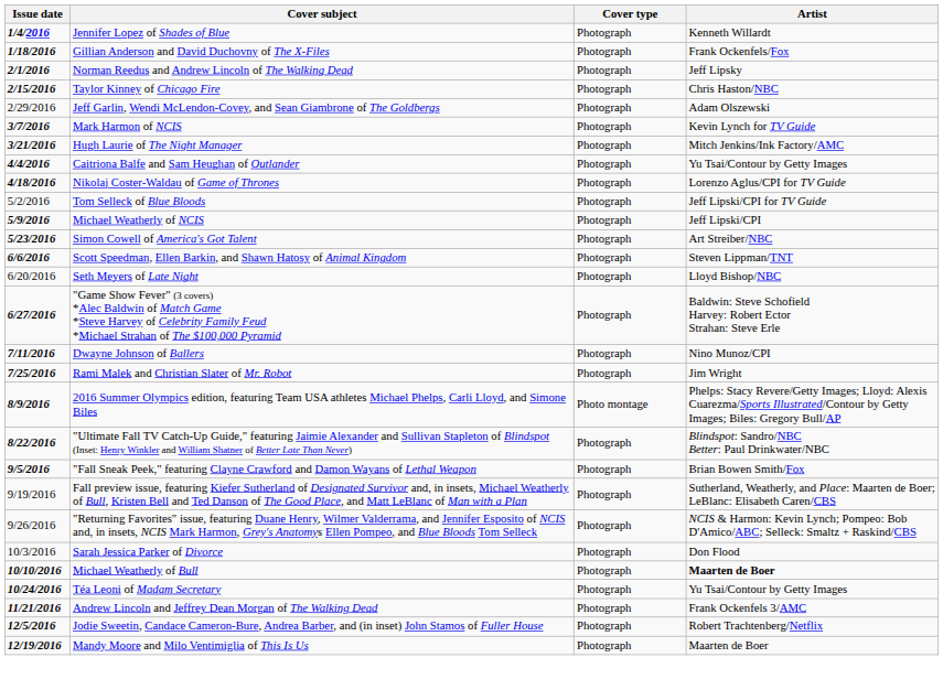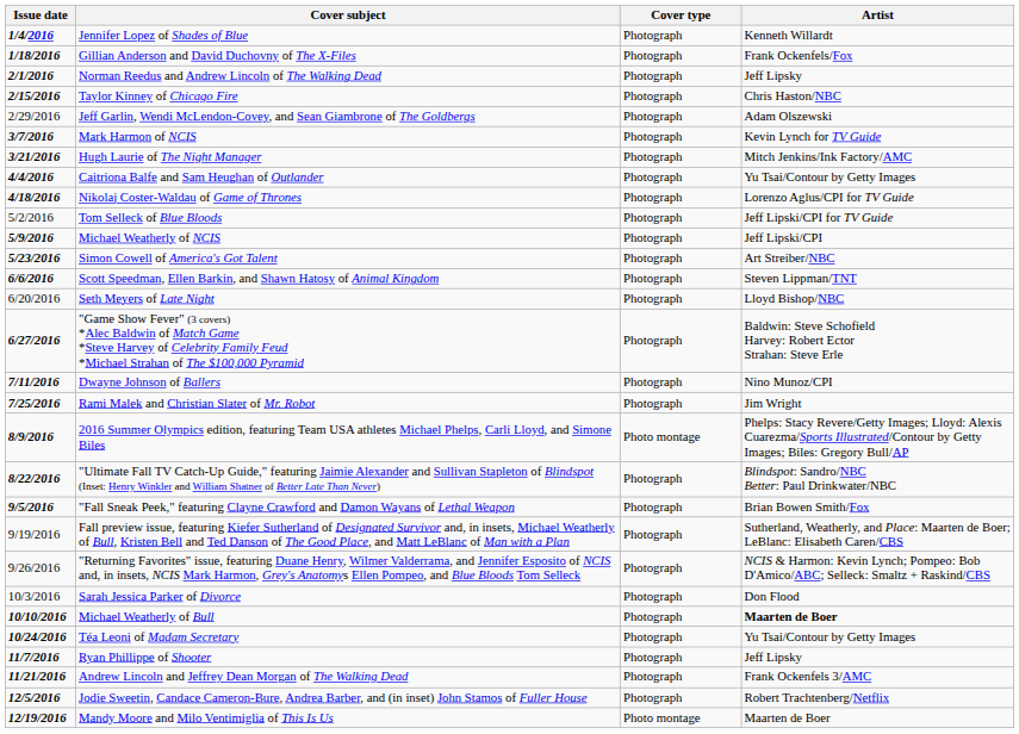 <table class="wikitable sortable" width=100% style="font-size:100%;">
 <tr>
 <th width=7%>Issue date</th>
 <th width=54%>Cover subject</th>
 <th width=12%>Cover type</th>
 <th width=27%>Artist</th>
 </tr>
 <tr>
 <td><strong><em>1/4/<a href='#'>2016</a></em></strong></td>
 <td><a href='#'>Jennifer Lopez</a> of <em><a href='#'>Shades of Blue</a></em></td>
 <td>Photograph</td>
 <td>Kenneth Willardt</td>
 </tr>
 <tr>
 <td><strong><em>1/18/2016</em></strong></td>
 <td><a href='#'>Gillian Anderson</a> and <a href='#'>David Duchovny</a> of <em><a href='#'>The X-Files</a></em></td>
 <td>Photograph</td>
 <td>Frank Ockenfels/<a href='#'>Fox</a></td>
 </tr>
 <tr>
 <td><strong><em>2/1/2016</em></strong></td>
 <td><a href='#'>Norman Reedus</a> and <a href='#'>Andrew Lincoln</a> of <em><a href='#'>The Walking Dead</a></em></td>
 <td>Photograph</td>
 <td>Jeff Lipsky</td>
 </tr>
 <tr>
 <td><strong><em>2/15/2016</em></strong></td>
 <td><a href='#'>Taylor Kinney</a> of <em><a href='#'>Chicago Fire</a></em></td>
 <td>Photograph</td>
 <td>Chris Haston/<a href='#'>NBC</a></td>
 </tr>
 <tr>
 <td>2/29/2016</td>
 <td><a href='#'>Jeff Garlin</a>, <a href='#'>Wendi McLendon-Covey</a>, and <a href='#'>Sean Giambrone</a> of <em><a href='#'>The Goldbergs</a></em></td>
 <td>Photograph</td>
 <td>Adam Olszewski</td>
 </tr>
 <tr>
 <td><strong><em>3/7/2016</em></strong></td>
 <td><a href='#'>Mark Harmon</a> of <em><a href='#'>NCIS</a></em></td>
 <td>Photograph</td>
 <td>Kevin Lynch for <em><a href='#'>TV Guide</a></em></td>
 </tr>
 <tr>
 <td><strong><em>3/21/2016</em></strong></td>
 <td><a href='#'>Hugh Laurie</a> of <em><a href='#'>The Night Manager</a></em></td>
 <td>Photograph</td>
 <td>Mitch Jenkins/Ink Factory/<a href='#'>AMC</a></td>
 </tr>
 <tr>
 <td><strong><em>4/4/2016</em></strong></td>
 <td><a href='#'>Caitriona Balfe</a> and <a href='#'>Sam Heughan</a> of <em><a href='#'>Outlander</a></em></td>
 <td>Photograph</td>
 <td>Yu Tsai/Contour by Getty Images</td>
 </tr>
 <tr>
 <td><strong><em>4/18/2016</em></strong></td>
 <td><a href='#'>Nikolaj Coster-Waldau</a> of <em><a href='#'>Game of Thrones</a></em></td>
 <td>Photograph</td>
 <td>Lorenzo Aglus/CPI for <em>TV Guide</em></td>
 </tr>
 <tr>
 <td>5/2/2016</td>
 <td><a href='#'>Tom Selleck</a> of <em><a href='#'>Blue Bloods</a></em></td>
 <td>Photograph</td>
 <td>Jeff Lipski/CPI for <em>TV Guide</em></td>
 </tr>
 <tr>
 <td><strong><em>5/9/2016</em></strong></td>
 <td><a href='#'>Michael Weatherly</a> of <em><a href='#'>NCIS</a></em></td>
 <td>Photograph</td>
 <td>Jeff Lipski/CPI</td>
 </tr>
 <tr>
 <td><strong><em>5/23/2016</em></strong></td>
 <td><a href='#'>Simon Cowell</a> of <em><a href='#'>America's Got Talent</a></em></td>
 <td>Photograph</td>
 <td>Art Streiber/<a href='#'>NBC</a></td>
 </tr>
 <tr>
 <td><strong><em>6/6/2016</em></strong></td>
 <td><a href='#'>Scott Speedman</a>, <a href='#'>Ellen Barkin</a>, and <a href='#'>Shawn Hatosy</a> of <em><a href='#'>Animal Kingdom</a></em></td>
 <td>Photograph</td>
 <td>Steven Lippman/<a href='#'>TNT</a></td>
 </tr>
 <tr>
 <td>6/20/2016</td>
 <td><a href='#'>Seth Meyers</a> of <em><a href='#'>Late Night</a></em></td>
 <td>Photograph</td>
 <td>Lloyd Bishop/<a href='#'>NBC</a></td>
 </tr>
 <tr>
 <td><strong><em>6/27/2016</em></strong></td>
 <td>"Game Show Fever" <small>(3 covers)</small><br>*<a href='#'>Alec Baldwin</a> of <em><a href='#'>Match Game</a></em><br>*<a href='#'>Steve Harvey</a> of <em><a href='#'>Celebrity Family Feud</a></em><br>*<a href='#'>Michael Strahan</a> of <em><a href='#'>The $100,000 Pyramid</a></em><br></td>
 <td>Photograph</td>
 <td>Baldwin: Steve Schofield<br>Harvey: Robert Ector<br>Strahan: Steve Erle</td>
 </tr>
 <tr>
 <td><strong><em>7/11/2016</em></strong></td>
 <td><a href='#'>Dwayne Johnson</a> of <em><a href='#'>Ballers</a></em></td>
 <td>Photograph</td>
 <td>Nino Munoz/CPI</td>
 </tr>
 <tr>
 <td><strong><em>7/25/2016</em></strong></td>
 <td><a href='#'>Rami Malek</a> and <a href='#'>Christian Slater</a> of <em><a href='#'>Mr. Robot</a></em></td>
 <td>Photograph</td>
 <td>Jim Wright</td>
 </tr>
 <tr>
 <td><strong><em>8/9/2016</em></strong></td>
 <td><a href='#'>2016 Summer Olympics</a> edition, featuring Team USA athletes <a href='#'>Michael Phelps</a>, <a href='#'>Carli Lloyd</a>, and <a href='#'>Simone Biles</a></td>
 <td>Photo montage</td>
 <td>Phelps: Stacy Revere/Getty Images; Lloyd: Alexis Cuarezma/<em><a href='#'>Sports Illustrated</a></em>/Contour by Getty Images; Biles: Gregory Bull/<a href='#'>AP</a></td>
 </tr>
 <tr>
 <td><strong><em>8/22/2016</em></strong></td>
 <td>"Ultimate Fall TV Catch-Up Guide," featuring <a href='#'>Jaimie Alexander</a> and <a href='#'>Sullivan Stapleton</a> of <em><a href='#'>Blindspot</a></em><br><small>(Inset: <a href='#'>Henry Winkler</a> and <a href='#'>William Shatner</a> of <em><a href='#'>Better Late Than Never</a></em>)</small></td>
 <td>Photograph</td>
 <td><em>Blindspot</em>: Sandro/<a href='#'>NBC</a><br><em>Better</em>: Paul Drinkwater/NBC</td>
 </tr>
 <tr>
 <td><strong><em>9/5/2016</em></strong></td>
 <td>"Fall Sneak Peek," featuring <a href='#'>Clayne Crawford</a> and <a href='#'>Damon Wayans</a> of <em><a href='#'>Lethal Weapon</a></em></td>
 <td>Photograph</td>
 <td>Brian Bowen Smith/<a href='#'>Fox</a></td>
 </tr>
 <tr>
 <td>9/19/2016</td>
 <td>Fall preview issue, featuring <a href='#'>Kiefer Sutherland</a> of <em><a href='#'>Designated Survivor</a></em> and, in insets, <a href='#'>Michael Weatherly</a> of <em><a href='#'>Bull</a></em>, <a href='#'>Kristen Bell</a> and <a href='#'>Ted Danson</a> of <em><a href='#'>The Good Place</a></em>, and <a href='#'>Matt LeBlanc</a> of <em><a href='#'>Man with a Plan</a></em></td>
 <td>Photograph</td>
 <td>Sutherland, Weatherly, and <em>Place</em>: Maarten de Boer; LeBlanc: Elisabeth Caren/<a href='#'>CBS</a></td>
 </tr>
 <tr>
 <td>9/26/2016</td>
 <td>"Returning Favorites" issue, featuring <a href='#'>Duane Henry</a>, <a href='#'>Wilmer Valderrama</a>, and <a href='#'>Jennifer Esposito</a> of <em><a href='#'>NCIS</a></em> and, in insets, <em>NCIS</em> <a href='#'>Mark Harmon</a>, <em><a href='#'>Grey's Anatomy</a></em>s <a href='#'>Ellen Pompeo</a>, and <em><a href='#'>Blue Bloods</a></em> <a href='#'>Tom Selleck</a></td>
 <td>Photograph</td>
 <td><em>NCIS</em> & Harmon: Kevin Lynch; Pompeo: Bob D'Amico/<a href='#'>ABC</a>; Selleck: Smaltz + Raskind/<a href='#'>CBS</a></td>
 </tr>
 <tr>
 <td>10/3/2016</td>
 <td><a href='#'>Sarah Jessica Parker</a> of <em><a href='#'>Divorce</a></em></td>
 <td>Photograph</td>
 <td>Don Flood</td>
 </tr>
 <tr>
 <td><strong><em>10/10/2016</em></strong></td>
 <td><a href='#'>Michael Weatherly</a> of <em><a href='#'>Bull</a></em></td>
 <td>Photograph</td>
 <td><strong>Maarten de Boer</strong></td>
 </tr>
 <tr>
 <td><strong><em>10/24/2016</em></strong></td>
 <td><a href='#'>Téa Leoni</a> of <em><a href='#'>Madam Secretary</a></em></td>
 <td>Photograph</td>
 <td>Yu Tsai/Contour by Getty Images</td>
 </tr>
 <tr>
+<td><strong><em>11/7/2016</em></strong></td>
+<td><a href='#'>Ryan Phillippe</a> of <em><a href='#'>Shooter</a></em></td>
+<td>Photograph</td>
+<td>Jeff Lipsky</td>
+</tr>
+<tr>
 <td><strong><em>11/21/2016</em></strong></td>
 <td><a href='#'>Andrew Lincoln</a> and <a href='#'>Jeffrey Dean Morgan</a> of <em><a href='#'>The Walking Dead</a></em></td>
 <td>Photograph</td>
 <td>Frank Ockenfels 3/<a href='#'>AMC</a></td>
 </tr>
 <tr>
 <td><strong><em>12/5/2016</em></strong></td>
 <td><a href='#'>Jodie Sweetin</a>, <a href='#'>Candace Cameron-Bure</a>, <a href='#'>Andrea Barber</a>, and (in inset) <a href='#'>John Stamos</a> of <em><a href='#'>Fuller House</a></em></td>
 <td>Photograph</td>
 <td>Robert Trachtenberg/<a href='#'>Netflix</a></td>
 </tr>
 <tr>
 <td><strong><em>12/19/2016</em></strong></td>
 <td><a href='#'>Mandy Moore</a> and <a href='#'>Milo Ventimiglia</a> of <em><a href='#'>This Is Us</a></em></td>
-<td>Photograph</td>
+<td>Photo montage</td>
 <td>Maarten de Boer</td>
 </tr>
 </table>
